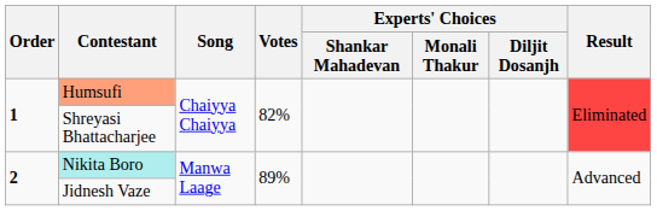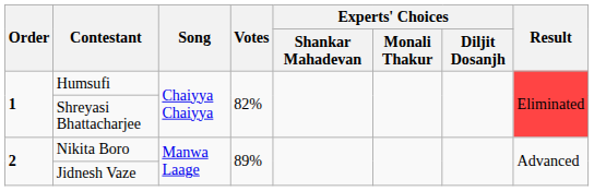 <table class="wikitable sortable mw-collapsible">
 <tr>
 <th rowspan="2">Order</th>
 <th rowspan="2">Contestant</th>
 <th rowspan="2">Song</th>
 <th rowspan="2">Votes</th>
 <th colspan="3">Experts' Choices</th>
 <th rowspan="2">Result</th>
 </tr>
 <tr>
 <th>Shankar Mahadevan</th>
 <th>Monali Thakur</th>
 <th>Diljit Dosanjh</th>
 </tr>
 <tr>
 <td rowspan="2"><strong>1</strong></td>
-<td style="background: lightsalmon;">Humsufi</td>
+<td>Humsufi</td>
 <td rowspan="2"><a href='#'>Chaiyya Chaiyya</a></td>
 <td rowspan="2">82%</td>
 <td rowspan="2"></td>
 <td rowspan="2"></td>
 <td rowspan="2"></td>
 <td rowspan="2" bgcolor="#ff4444">Eliminated</td>
 </tr>
 <tr>
 <td>Shreyasi Bhattacharjee</td>
 </tr>
 <tr>
 <td rowspan="2"><strong>2</strong></td>
-<td style="background: paleturquoise;">Nikita Boro</td>
+<td>Nikita Boro</td>
 <td rowspan="2"><a href='#'>Manwa Laage</a></td>
 <td rowspan="2">89%</td>
 <td rowspan="2"></td>
 <td rowspan="2"></td>
 <td rowspan="2"></td>
 <td rowspan="2">Advanced</td>
 </tr>
 <tr>
 <td>Jidnesh Vaze</td>
 </tr>
 </table>
